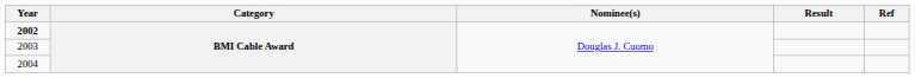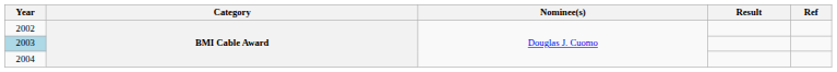 <table class="wikitable plainrowheaders" style="font-size: 90%; text-align:center" width=100%>
 <tr>
 <th scope="col" width="5%">Year</th>
 <th scope="col" width="45%">Category</th>
 <th scope="col" width="35%">Nominee(s)</th>
 <th scope="col" width="10%">Result</th>
 <th scope="col" width="5%">Ref</th>
 </tr>
 <tr>
-<td><strong>2002</strong></td>
+<td>2002</td>
 <th scope="row" style="text-align:center" rowspan="3">BMI Cable Award</th>
 <td rowspan="3"><a href='#'>Douglas J. Cuomo</a></td>
 <td></td>
 <td></td>
 </tr>
 <tr>
-<td>2003</td>
+<td style="background: lightblue;">2003</td>
 <td></td>
 <td></td>
 </tr>
 <tr>
 <td>2004</td>
 <td></td>
 <td></td>
 </tr>
 </table>
